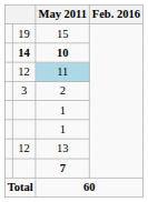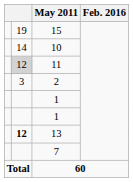 <table class="wikitable" style="font-size: 95%;">
 <tr>
 <th colspan="2"> </th>
 <th>May 2011</th>
 <th>Feb. 2016</th>
 </tr>
 <tr style="text-align:center">
 <td></td>
 <td>19</td>
 <td>15</td>
 </tr>
 <tr style="text-align:center">
 <td></td>
-<td><strong>14</strong></td>
-<td><strong>10</strong></td>
+<td>14</td>
+<td>10</td>
 </tr>
 <tr style="text-align:center">
 <td></td>
-<td>12</td>
-<td style="background: lightblue;">11</td>
+<td style="background: lightgrey;">12</td>
+<td>11</td>
 </tr>
 <tr style="text-align:center">
 <td></td>
 <td>3</td>
 <td>2</td>
 </tr>
 <tr style="text-align:center">
 <td></td>
 <td></td>
 <td>1</td>
 </tr>
 <tr style="text-align:center">
 <td></td>
 <td></td>
 <td>1</td>
 </tr>
 <tr style="text-align:center">
 <td></td>
-<td>12</td>
+<td><strong>12</strong></td>
 <td>13</td>
 </tr>
 <tr style="text-align:center">
 <td></td>
 <td></td>
-<td><strong>7</strong></td>
+<td>7</td>
 </tr>
 <tr>
 <td colspan="2"><strong>Total</strong></td>
 <td colspan="2" align="center"><strong>60</strong></td>
 </tr>
 </table>
